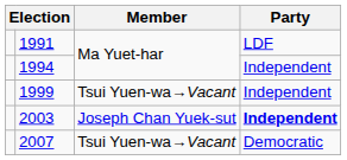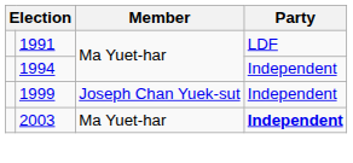 <table class="wikitable">
 <tr>
 <th colspan="2">Election</th>
 <th>Member</th>
 <th>Party</th>
 </tr>
 <tr>
 <td style="background-color: "></td>
 <td><a href='#'>1991</a></td>
 <td rowspan=2>Ma Yuet-har</td>
 <td><a href='#'>LDF</a></td>
 </tr>
 <tr>
 <td style="background-color: "></td>
 <td><a href='#'>1994</a></td>
 <td><a href='#'>Independent</a></td>
 </tr>
 <tr>
 <td style="background-color: "></td>
 <td><a href='#'>1999</a></td>
-<td>Tsui Yuen-wa→<em>Vacant</em></td>
+<td><a href='#'>Joseph Chan Yuek-sut</a></td>
 <td><a href='#'>Independent</a></td>
 </tr>
 <tr>
 <td style="background-color: "></td>
 <td><a href='#'>2003</a></td>
-<td><a href='#'>Joseph Chan Yuek-sut</a></td>
+<td>Ma Yuet-har</td>
 <td><strong><a href='#'>Independent</a></strong></td>
 </tr>
-<tr>
-<td style="background-color: "></td>
-<td><a href='#'>2007</a></td>
-<td>Tsui Yuen-wa→<em>Vacant</em></td>
-<td><a href='#'>Democratic</a></td>
-</tr>
 </table>
